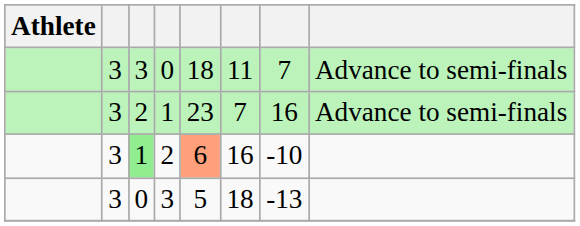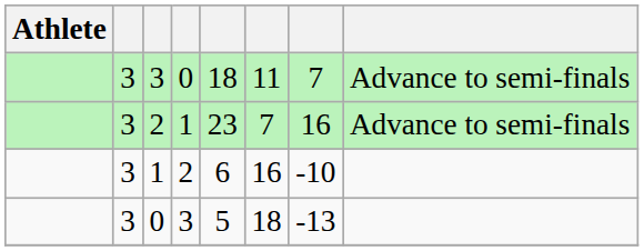 <table class=wikitable style="text-align:center">
 <tr>
 <th>Athlete</th>
 <th></th>
 <th></th>
 <th></th>
 <th></th>
 <th></th>
 <th></th>
 <th></th>
 </tr>
 <tr bgcolor=bbf3bb>
 <td style="text-align:left"></td>
 <td>3</td>
 <td>3</td>
 <td>0</td>
 <td>18</td>
 <td>11</td>
 <td>7</td>
 <td>Advance to semi-finals</td>
 </tr>
 <tr bgcolor=bbf3bb>
 <td style="text-align:left"></td>
 <td>3</td>
 <td>2</td>
 <td>1</td>
 <td>23</td>
 <td>7</td>
 <td>16</td>
 <td>Advance to semi-finals</td>
 </tr>
 <tr>
 <td style="text-align:left"></td>
 <td>3</td>
-<td style="background: lightgreen;">1</td>
+<td>1</td>
 <td>2</td>
-<td style="background: lightsalmon;">6</td>
+<td>6</td>
 <td>16</td>
 <td>-10</td>
 <td></td>
 </tr>
 <tr>
 <td style="text-align:left"></td>
 <td>3</td>
 <td>0</td>
 <td>3</td>
 <td>5</td>
 <td>18</td>
 <td>-13</td>
 <td></td>
 </tr>
 <tr>
 </tr>
 </table>
